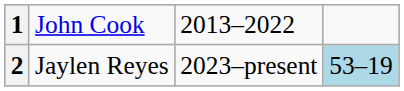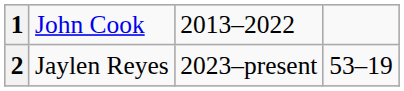 <table class=wikitable>
 <tr>
 <th>1</th>
 <td><a href='#'>John Cook</a></td>
 <td>2013–2022</td>
 <td> </td>
 </tr>
 <tr>
 <th>2</th>
 <td>Jaylen Reyes</td>
 <td>2023–present</td>
-<td style="background: lightblue;">53–19 </td>
+<td>53–19 </td>
 </tr>
 </table>
